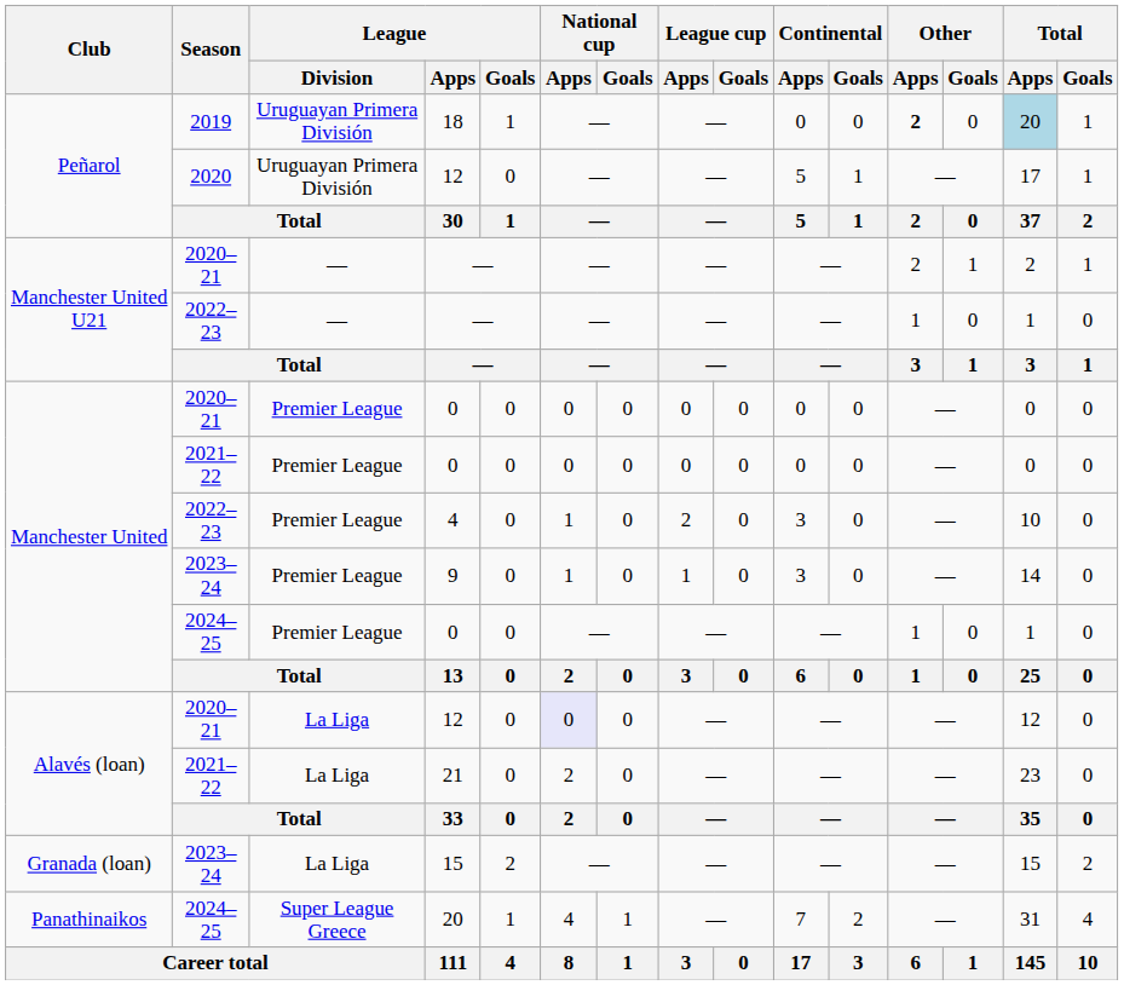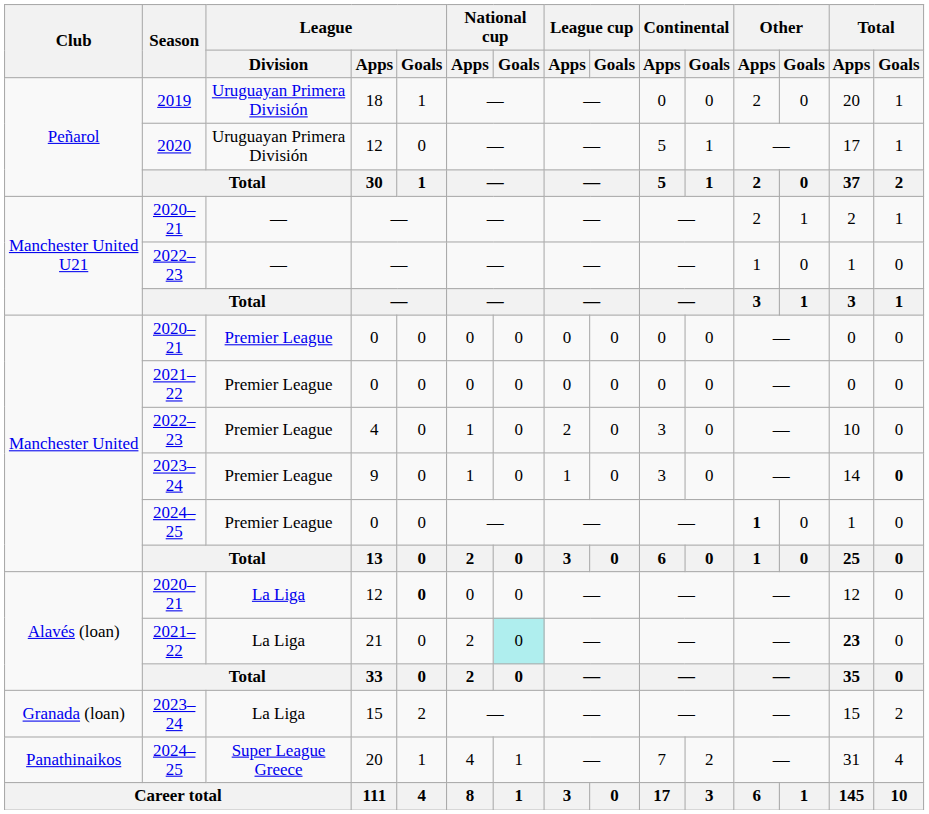 <table class=wikitable style="text-align:center">
 <tr>
 <th rowspan="2">Club</th>
 <th rowspan="2">Season</th>
 <th colspan="3">League</th>
 <th colspan="2">National cup</th>
 <th colspan="2">League cup</th>
 <th colspan="2">Continental</th>
 <th colspan="2">Other</th>
 <th colspan="2">Total</th>
 </tr>
 <tr>
 <th>Division</th>
 <th>Apps</th>
 <th>Goals</th>
 <th>Apps</th>
 <th>Goals</th>
 <th>Apps</th>
 <th>Goals</th>
 <th>Apps</th>
 <th>Goals</th>
 <th>Apps</th>
 <th>Goals</th>
 <th>Apps</th>
 <th>Goals</th>
 </tr>
 <tr>
 <td rowspan="3"><a href='#'>Peñarol</a></td>
 <td><a href='#'>2019</a></td>
 <td><a href='#'>Uruguayan Primera División</a></td>
 <td>18</td>
 <td>1</td>
 <td colspan="2">—</td>
 <td colspan="2">—</td>
 <td>0</td>
 <td>0</td>
-<td><strong>2</strong></td>
+<td>2</td>
 <td>0</td>
-<td style="background: lightblue;">20</td>
+<td>20</td>
 <td>1</td>
 </tr>
 <tr>
 <td><a href='#'>2020</a></td>
 <td>Uruguayan Primera División</td>
 <td>12</td>
 <td>0</td>
 <td colspan="2">—</td>
 <td colspan="2">—</td>
 <td>5</td>
 <td>1</td>
 <td colspan="2">—</td>
 <td>17</td>
 <td>1</td>
 </tr>
 <tr>
 <th colspan="2">Total</th>
 <th>30</th>
 <th>1</th>
 <th colspan="2">—</th>
 <th colspan="2">—</th>
 <th>5</th>
 <th>1</th>
 <th>2</th>
 <th>0</th>
 <th>37</th>
 <th>2</th>
 </tr>
 <tr>
 <td rowspan="3"><a href='#'>Manchester United U21</a></td>
 <td><a href='#'>2020–21</a></td>
 <td colspan="1">—</td>
 <td colspan="2">—</td>
 <td colspan="2">—</td>
 <td colspan="2">—</td>
 <td colspan="2">—</td>
 <td>2</td>
 <td>1</td>
 <td>2</td>
 <td>1</td>
 </tr>
 <tr>
 <td><a href='#'>2022–23</a></td>
 <td colspan="1">—</td>
 <td colspan="2">—</td>
 <td colspan="2">—</td>
 <td colspan="2">—</td>
 <td colspan="2">—</td>
 <td>1</td>
 <td>0</td>
 <td>1</td>
 <td>0</td>
 </tr>
 <tr>
 <th colspan="2">Total</th>
 <th colspan="2">—</th>
 <th colspan="2">—</th>
 <th colspan="2">—</th>
 <th colspan="2">—</th>
 <th>3</th>
 <th>1</th>
 <th>3</th>
 <th>1</th>
 </tr>
 <tr>
 <td rowspan="6"><a href='#'>Manchester United</a></td>
 <td><a href='#'>2020–21</a></td>
 <td><a href='#'>Premier League</a></td>
 <td>0</td>
 <td>0</td>
 <td>0</td>
 <td>0</td>
 <td>0</td>
 <td>0</td>
 <td>0</td>
 <td>0</td>
 <td colspan="2">—</td>
 <td>0</td>
 <td>0</td>
 </tr>
 <tr>
 <td><a href='#'>2021–22</a></td>
 <td>Premier League</td>
 <td>0</td>
 <td>0</td>
 <td>0</td>
 <td>0</td>
 <td>0</td>
 <td>0</td>
 <td>0</td>
 <td>0</td>
 <td colspan="2">—</td>
 <td>0</td>
 <td>0</td>
 </tr>
 <tr>
 <td><a href='#'>2022–23</a></td>
 <td>Premier League</td>
 <td>4</td>
 <td>0</td>
 <td>1</td>
 <td>0</td>
 <td>2</td>
 <td>0</td>
 <td>3</td>
 <td>0</td>
 <td colspan="2">—</td>
 <td>10</td>
 <td>0</td>
 </tr>
 <tr>
 <td><a href='#'>2023–24</a></td>
 <td>Premier League</td>
 <td>9</td>
 <td>0</td>
 <td>1</td>
 <td>0</td>
 <td>1</td>
 <td>0</td>
 <td>3</td>
 <td>0</td>
 <td colspan="2">—</td>
 <td>14</td>
-<td>0</td>
+<td><strong>0</strong></td>
 </tr>
 <tr>
 <td><a href='#'>2024–25</a></td>
 <td>Premier League</td>
 <td>0</td>
 <td>0</td>
 <td colspan="2">—</td>
 <td colspan="2">—</td>
 <td colspan="2">—</td>
-<td>1</td>
+<td><strong>1</strong></td>
 <td>0</td>
 <td>1</td>
 <td>0</td>
 </tr>
 <tr>
 <th colspan="2">Total</th>
 <th>13</th>
 <th>0</th>
 <th>2</th>
 <th>0</th>
 <th>3</th>
 <th>0</th>
 <th>6</th>
 <th>0</th>
 <th>1</th>
 <th>0</th>
 <th>25</th>
 <th>0</th>
 </tr>
 <tr>
 <td rowspan="3"><a href='#'>Alavés</a> (loan)</td>
 <td><a href='#'>2020–21</a></td>
 <td><a href='#'>La Liga</a></td>
 <td>12</td>
+<td><strong>0</strong></td>
 <td>0</td>
-<td style="background: lavender;">0</td>
 <td>0</td>
 <td colspan="2">—</td>
 <td colspan="2">—</td>
 <td colspan="2">—</td>
 <td>12</td>
 <td>0</td>
 </tr>
 <tr>
 <td><a href='#'>2021–22</a></td>
 <td>La Liga</td>
 <td>21</td>
 <td>0</td>
 <td>2</td>
-<td>0</td>
+<td style="background: paleturquoise;">0</td>
 <td colspan="2">—</td>
 <td colspan="2">—</td>
 <td colspan="2">—</td>
-<td>23</td>
+<td><strong>23</strong></td>
 <td>0</td>
 </tr>
 <tr>
 <th colspan="2">Total</th>
 <th>33</th>
 <th>0</th>
 <th>2</th>
 <th>0</th>
 <th colspan="2">—</th>
 <th colspan="2">—</th>
 <th colspan="2">—</th>
 <th>35</th>
 <th>0</th>
 </tr>
 <tr>
 <td><a href='#'>Granada</a> (loan)</td>
 <td><a href='#'>2023–24</a></td>
 <td>La Liga</td>
 <td>15</td>
 <td>2</td>
 <td colspan="2">—</td>
 <td colspan="2">—</td>
 <td colspan="2">—</td>
 <td colspan="2">—</td>
 <td>15</td>
 <td>2</td>
 </tr>
 <tr>
 <td><a href='#'>Panathinaikos</a></td>
 <td><a href='#'>2024–25</a></td>
 <td><a href='#'>Super League Greece</a></td>
 <td>20</td>
 <td>1</td>
 <td>4</td>
 <td>1</td>
 <td colspan="2">—</td>
 <td>7</td>
 <td>2</td>
 <td colspan="2">—</td>
 <td>31</td>
 <td>4</td>
 </tr>
 <tr>
 <th colspan="3">Career total</th>
 <th>111</th>
 <th>4</th>
 <th>8</th>
 <th>1</th>
 <th>3</th>
 <th>0</th>
 <th>17</th>
 <th>3</th>
 <th>6</th>
 <th>1</th>
 <th>145</th>
 <th>10</th>
 </tr>
 </table>
